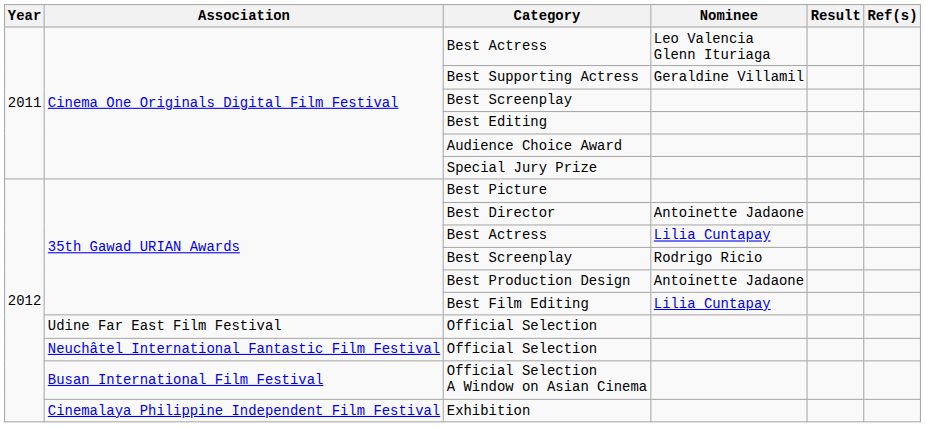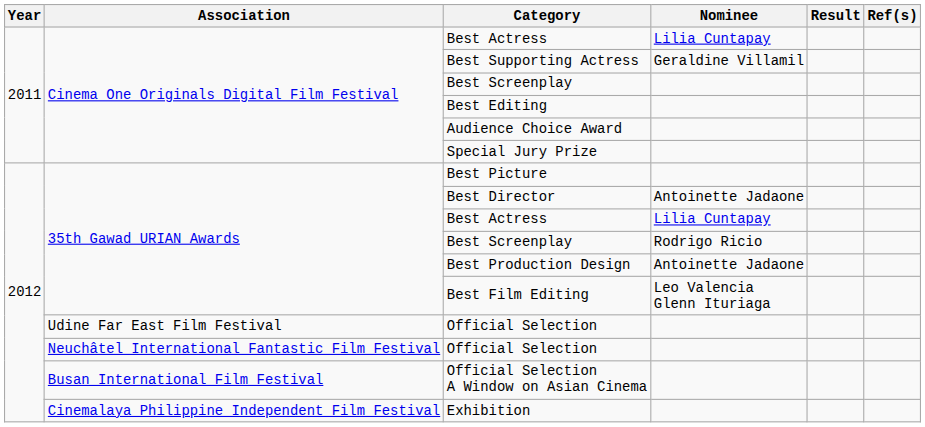 <table class="wikitable">
 <tr>
 <th><strong>Year</strong></th>
 <th><strong>Association</strong></th>
 <th><strong>Category</strong></th>
 <th><strong>Nominee</strong></th>
 <th><strong>Result</strong></th>
 <th><strong>Ref(s)</strong></th>
 </tr>
 <tr>
 <td rowspan="6">2011</td>
 <td rowspan="6"><a href='#'>Cinema One Originals Digital Film Festival</a></td>
 <td>Best Actress</td>
-<td>Leo Valencia<br>Glenn Ituriaga</td>
+<td><a href='#'>Lilia Cuntapay</a></td>
 <td></td>
 <td></td>
 </tr>
 <tr>
 <td>Best Supporting Actress</td>
 <td>Geraldine Villamil</td>
 <td></td>
 <td></td>
 </tr>
 <tr>
 <td>Best Screenplay</td>
 <td></td>
 <td></td>
 <td></td>
 </tr>
 <tr>
 <td>Best Editing</td>
 <td></td>
 <td></td>
 <td></td>
 </tr>
 <tr>
 <td>Audience Choice Award</td>
 <td></td>
 <td></td>
 <td></td>
 </tr>
 <tr>
 <td>Special Jury Prize</td>
 <td></td>
 <td></td>
 <td></td>
 </tr>
 <tr>
 <td rowspan="10">2012</td>
 <td rowspan="6"><a href='#'>35th Gawad URIAN Awards</a></td>
 <td>Best Picture</td>
 <td></td>
 <td></td>
 <td></td>
 </tr>
 <tr>
 <td>Best Director</td>
 <td>Antoinette Jadaone</td>
 <td></td>
 <td></td>
 </tr>
 <tr>
 <td>Best Actress</td>
 <td><a href='#'>Lilia Cuntapay</a></td>
 <td></td>
 <td></td>
 </tr>
 <tr>
 <td>Best Screenplay</td>
 <td>Rodrigo Ricio</td>
 <td></td>
 <td></td>
 </tr>
 <tr>
 <td>Best Production Design</td>
 <td>Antoinette Jadaone</td>
 <td></td>
 <td></td>
 </tr>
 <tr>
 <td>Best Film Editing</td>
-<td><a href='#'>Lilia Cuntapay</a></td>
+<td>Leo Valencia<br>Glenn Ituriaga</td>
 <td></td>
 <td></td>
 </tr>
 <tr>
 <td>Udine Far East Film Festival</td>
 <td>Official Selection</td>
 <td></td>
 <td></td>
 <td></td>
 </tr>
 <tr>
 <td><a href='#'>Neuchâtel International Fantastic Film Festival</a></td>
 <td>Official Selection</td>
 <td></td>
 <td></td>
 <td></td>
 </tr>
 <tr>
 <td><a href='#'>Busan International Film Festival</a></td>
 <td>Official Selection<br>A Window on Asian Cinema</td>
 <td></td>
 <td></td>
 <td></td>
 </tr>
 <tr>
 <td><a href='#'>Cinemalaya Philippine Independent Film Festival</a></td>
 <td>Exhibition</td>
 <td></td>
 <td></td>
 <td></td>
 </tr>
 </table>
